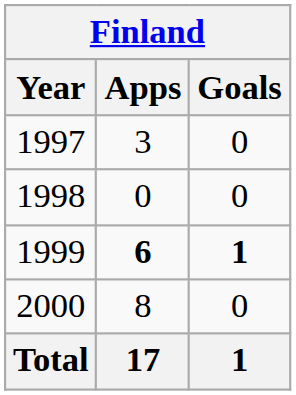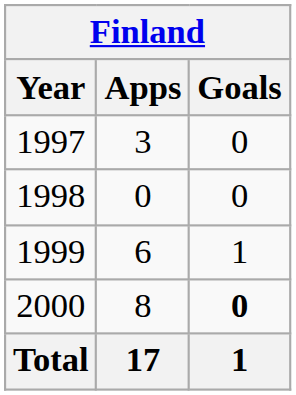 <table class=wikitable style=text-align:center>
 <tr>
 <th colspan=4><a href='#'>Finland</a></th>
 </tr>
 <tr>
 <th>Year</th>
 <th>Apps</th>
 <th>Goals</th>
 </tr>
 <tr>
 <td>1997</td>
 <td>3</td>
 <td>0</td>
 </tr>
 <tr>
 <td>1998</td>
 <td>0</td>
 <td>0</td>
 </tr>
 <tr>
 <td>1999</td>
-<td><strong>6</strong></td>
-<td><strong>1</strong></td>
+<td>6</td>
+<td>1</td>
 </tr>
 <tr>
 <td>2000</td>
 <td>8</td>
-<td>0</td>
+<td><strong>0</strong></td>
 </tr>
 <tr>
 <th colspan=1>Total</th>
 <th>17</th>
 <th>1</th>
 </tr>
 </table>
